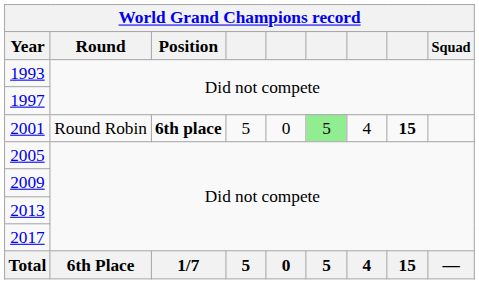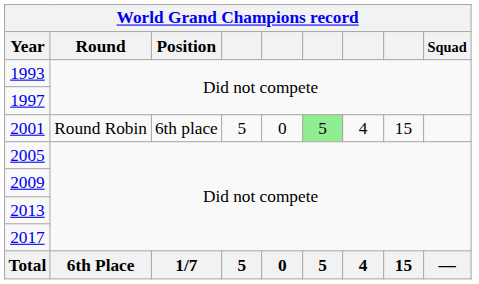 <table class="wikitable" style="text-align: center;">
 <tr>
 <th colspan=9><a href='#'>World Grand Champions record</a></th>
 </tr>
 <tr>
 <th>Year</th>
 <th>Round</th>
 <th>Position</th>
 <th width=30></th>
 <th width=30></th>
 <th width=30></th>
 <th width=30></th>
 <th width=30></th>
 <th><small>Squad</small></th>
 </tr>
 <tr>
 <td> <a href='#'>1993</a></td>
 <td rowspan="2" colspan="8">Did not compete</td>
 </tr>
 <tr>
 <td> <a href='#'>1997</a></td>
 </tr>
 <tr>
 <td> <a href='#'>2001</a></td>
 <td>Round Robin</td>
-<td><strong>6th place</strong></td>
+<td>6th place</td>
 <td>5</td>
 <td>0</td>
 <td style="background: lightgreen;">5</td>
 <td>4</td>
-<td><strong>15</strong></td>
+<td>15</td>
 <td></td>
 </tr>
 <tr>
 <td> <a href='#'>2005</a></td>
 <td rowspan="4" colspan="8">Did not compete</td>
 </tr>
 <tr>
 <td> <a href='#'>2009</a></td>
 </tr>
 <tr>
 <td> <a href='#'>2013</a></td>
 </tr>
 <tr>
 <td> <a href='#'>2017</a></td>
 </tr>
 <tr>
 <th colspan=1>Total</th>
 <th>6th Place</th>
 <th>1/7</th>
 <th>5</th>
 <th>0</th>
 <th>5</th>
 <th>4</th>
 <th>15</th>
 <th>—</th>
 </tr>
 </table>
